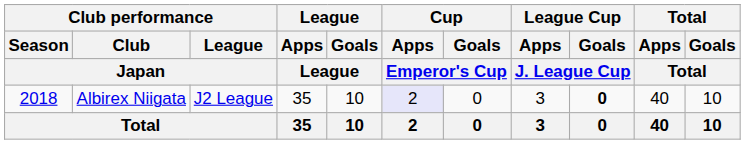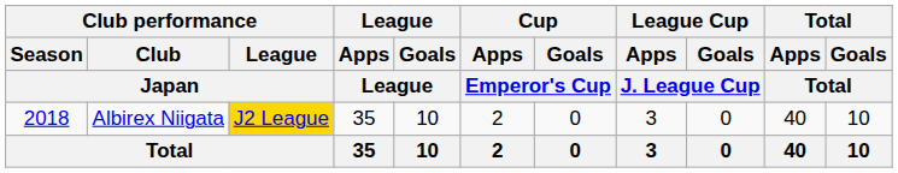 <table class="wikitable" style="text-align:center;">
 <tr>
 <th colspan=3>Club performance</th>
 <th colspan=2>League</th>
 <th colspan=2>Cup</th>
 <th colspan=2>League Cup</th>
 <th colspan=2>Total</th>
 </tr>
 <tr>
 <th>Season</th>
 <th>Club</th>
 <th>League</th>
 <th>Apps</th>
 <th>Goals</th>
 <th>Apps</th>
 <th>Goals</th>
 <th>Apps</th>
 <th>Goals</th>
 <th>Apps</th>
 <th>Goals</th>
 </tr>
 <tr>
 <th colspan=3>Japan</th>
 <th colspan=2>League</th>
 <th colspan=2><a href='#'>Emperor's Cup</a></th>
 <th colspan=2><a href='#'>J. League Cup</a></th>
 <th colspan=2>Total</th>
 </tr>
 <tr>
 <td><a href='#'>2018</a></td>
 <td rowspan="1"><a href='#'>Albirex Niigata</a></td>
-<td rowspan="1"><a href='#'>J2 League</a></td>
+<td rowspan="1" style="background: gold;"><a href='#'>J2 League</a></td>
 <td>35</td>
 <td>10</td>
-<td style="background: lavender;">2</td>
+<td>2</td>
 <td>0</td>
 <td>3</td>
-<td><strong>0</strong></td>
+<td>0</td>
 <td>40</td>
 <td>10</td>
 </tr>
 <tr>
 <th colspan=3>Total</th>
 <th>35</th>
 <th>10</th>
 <th>2</th>
 <th>0</th>
 <th>3</th>
 <th>0</th>
 <th>40</th>
 <th>10</th>
 </tr>
 </table>
